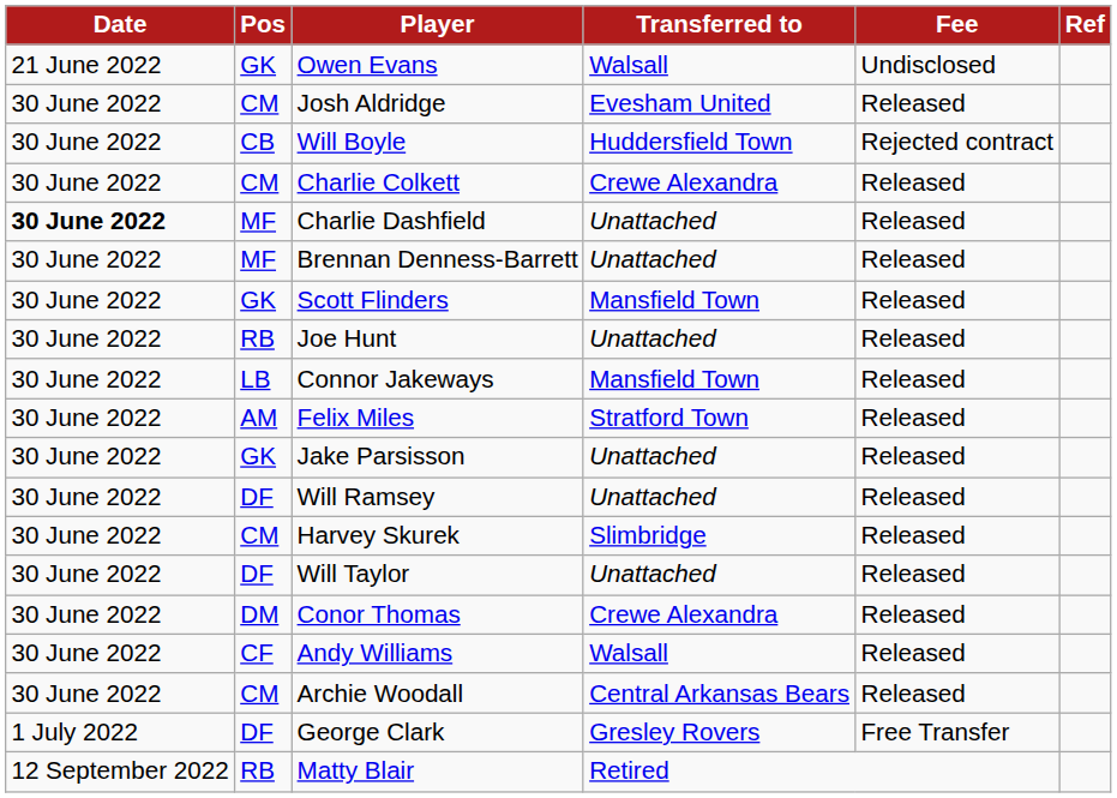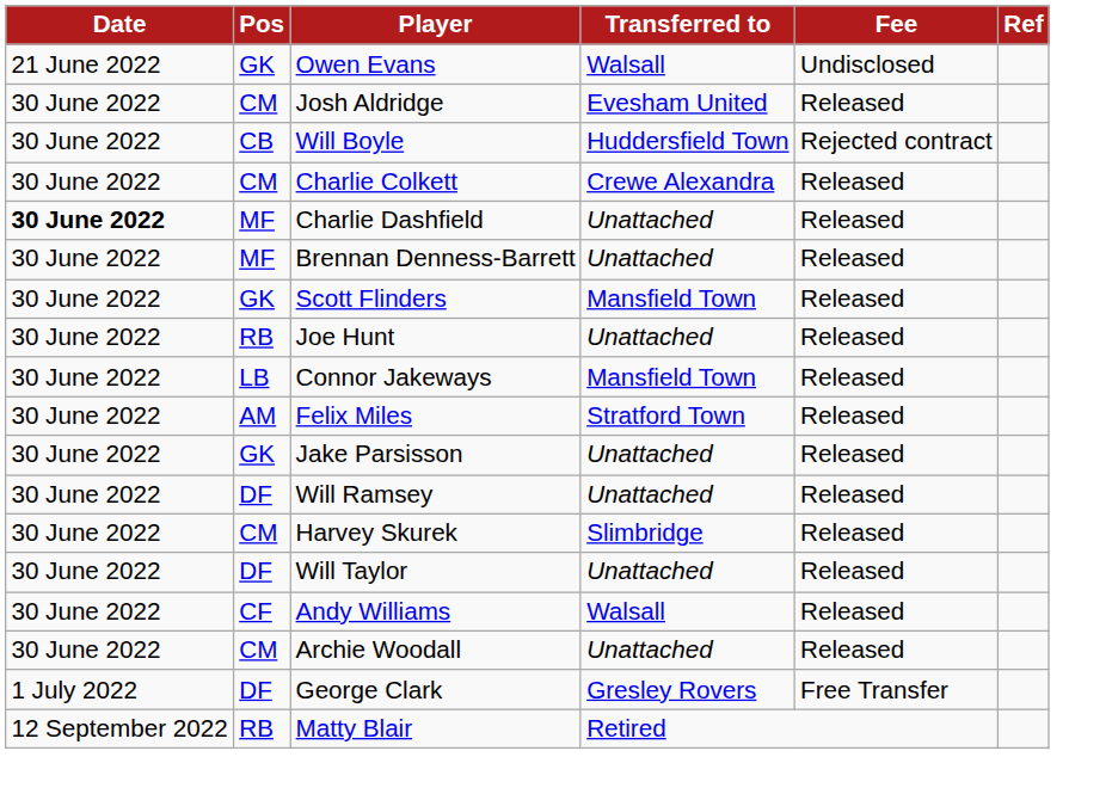 <table class="wikitable plainrowheaders sortable">
 <tr>
 <th style="background:#B11B1B; color:#ffffff; ">Date</th>
 <th style="background:#B11B1B; color:#ffffff; ">Pos</th>
 <th style="background:#B11B1B; color:#ffffff; ">Player</th>
 <th style="background:#B11B1B; color:#ffffff; ">Transferred to</th>
 <th style="background:#B11B1B; color:#ffffff; ">Fee</th>
 <th style="background:#B11B1B; color:#ffffff; ">Ref</th>
 </tr>
 <tr>
 <td>21 June 2022</td>
 <td><a href='#'>GK</a></td>
 <td> <a href='#'>Owen Evans</a></td>
 <td> <a href='#'>Walsall</a></td>
 <td>Undisclosed</td>
 <td></td>
 </tr>
 <tr>
 <td>30 June 2022</td>
 <td><a href='#'>CM</a></td>
 <td> Josh Aldridge</td>
 <td> <a href='#'>Evesham United</a></td>
 <td>Released</td>
 <td></td>
 </tr>
 <tr>
 <td>30 June 2022</td>
 <td><a href='#'>CB</a></td>
 <td> <a href='#'>Will Boyle</a></td>
 <td> <a href='#'>Huddersfield Town</a></td>
 <td>Rejected contract</td>
 <td></td>
 </tr>
 <tr>
 <td>30 June 2022</td>
 <td><a href='#'>CM</a></td>
 <td> <a href='#'>Charlie Colkett</a></td>
 <td> <a href='#'>Crewe Alexandra</a></td>
 <td>Released</td>
 <td></td>
 </tr>
 <tr>
 <td><strong>30 June 2022</strong></td>
 <td><a href='#'>MF</a></td>
 <td> Charlie Dashfield</td>
 <td> <em>Unattached</em></td>
 <td>Released</td>
 <td></td>
 </tr>
 <tr>
 <td>30 June 2022</td>
 <td><a href='#'>MF</a></td>
 <td> Brennan Denness-Barrett</td>
 <td> <em>Unattached</em></td>
 <td>Released</td>
 <td></td>
 </tr>
 <tr>
 <td>30 June 2022</td>
 <td><a href='#'>GK</a></td>
 <td> <a href='#'>Scott Flinders</a></td>
 <td> <a href='#'>Mansfield Town</a></td>
 <td>Released</td>
 <td></td>
 </tr>
 <tr>
 <td>30 June 2022</td>
 <td><a href='#'>RB</a></td>
 <td> Joe Hunt</td>
 <td> <em>Unattached</em></td>
 <td>Released</td>
 <td></td>
 </tr>
 <tr>
 <td>30 June 2022</td>
 <td><a href='#'>LB</a></td>
 <td> Connor Jakeways</td>
 <td> <a href='#'>Mansfield Town</a></td>
 <td>Released</td>
 <td></td>
 </tr>
 <tr>
 <td>30 June 2022</td>
 <td><a href='#'>AM</a></td>
 <td> <a href='#'>Felix Miles</a></td>
 <td> <a href='#'>Stratford Town</a></td>
 <td>Released</td>
 <td></td>
 </tr>
 <tr>
 <td>30 June 2022</td>
 <td><a href='#'>GK</a></td>
 <td> Jake Parsisson</td>
 <td> <em>Unattached</em></td>
 <td>Released</td>
 <td></td>
 </tr>
 <tr>
 <td>30 June 2022</td>
 <td><a href='#'>DF</a></td>
 <td> Will Ramsey</td>
 <td> <em>Unattached</em></td>
 <td>Released</td>
 <td></td>
 </tr>
 <tr>
 <td>30 June 2022</td>
 <td><a href='#'>CM</a></td>
 <td> Harvey Skurek</td>
 <td> <a href='#'>Slimbridge</a></td>
 <td>Released</td>
 <td></td>
 </tr>
 <tr>
 <td>30 June 2022</td>
 <td><a href='#'>DF</a></td>
 <td> Will Taylor</td>
 <td> <em>Unattached</em></td>
 <td>Released</td>
 <td></td>
 </tr>
 <tr>
 <td>30 June 2022</td>
-<td><a href='#'>DM</a></td>
-<td> <a href='#'>Conor Thomas</a></td>
-<td> <a href='#'>Crewe Alexandra</a></td>
-<td>Released</td>
-<td></td>
-</tr>
-<tr>
-<td>30 June 2022</td>
 <td><a href='#'>CF</a></td>
 <td> <a href='#'>Andy Williams</a></td>
 <td> <a href='#'>Walsall</a></td>
 <td>Released</td>
 <td></td>
 </tr>
 <tr>
 <td>30 June 2022</td>
 <td><a href='#'>CM</a></td>
 <td> Archie Woodall</td>
-<td> <a href='#'>Central Arkansas Bears</a></td>
+<td> <em>Unattached</em></td>
 <td>Released</td>
 <td></td>
 </tr>
 <tr>
 <td>1 July 2022</td>
 <td><a href='#'>DF</a></td>
 <td> George Clark</td>
 <td> <a href='#'>Gresley Rovers</a></td>
 <td>Free Transfer</td>
 <td></td>
 </tr>
 <tr>
 <td>12 September 2022</td>
 <td><a href='#'>RB</a></td>
 <td> <a href='#'>Matty Blair</a></td>
 <td colspan="2"> <a href='#'>Retired</a></td>
 <td></td>
 </tr>
 </table>
